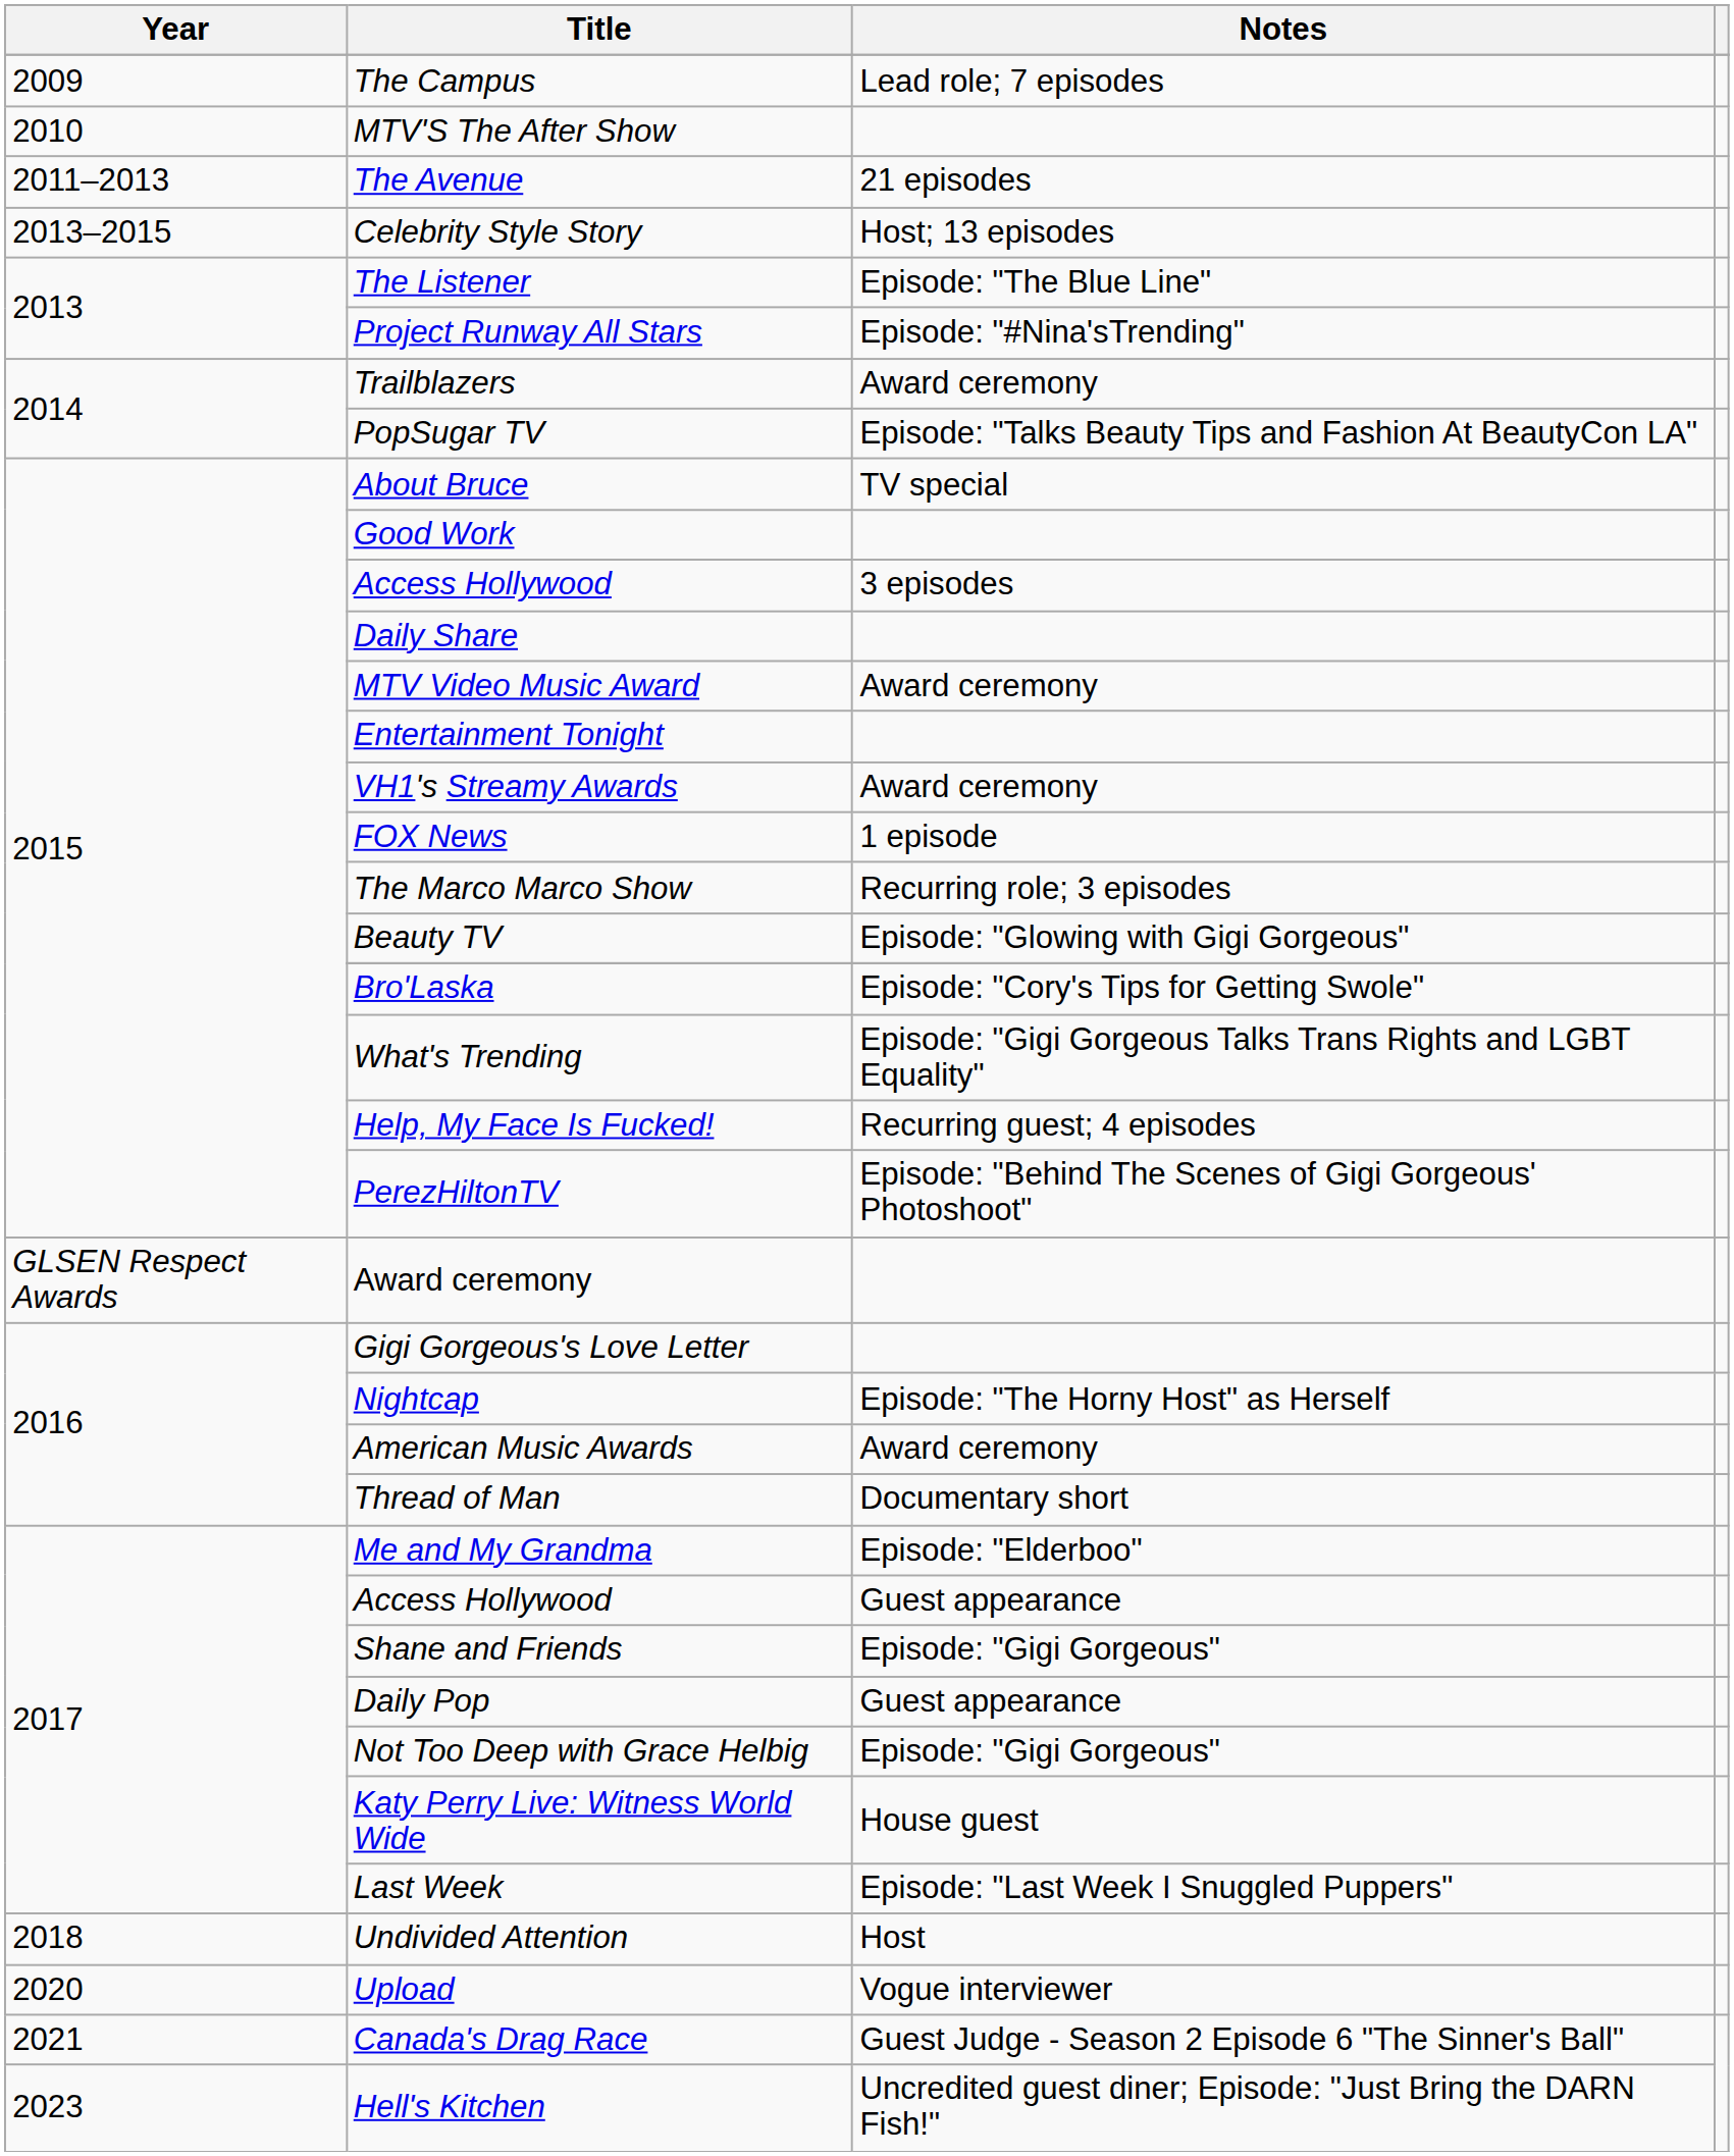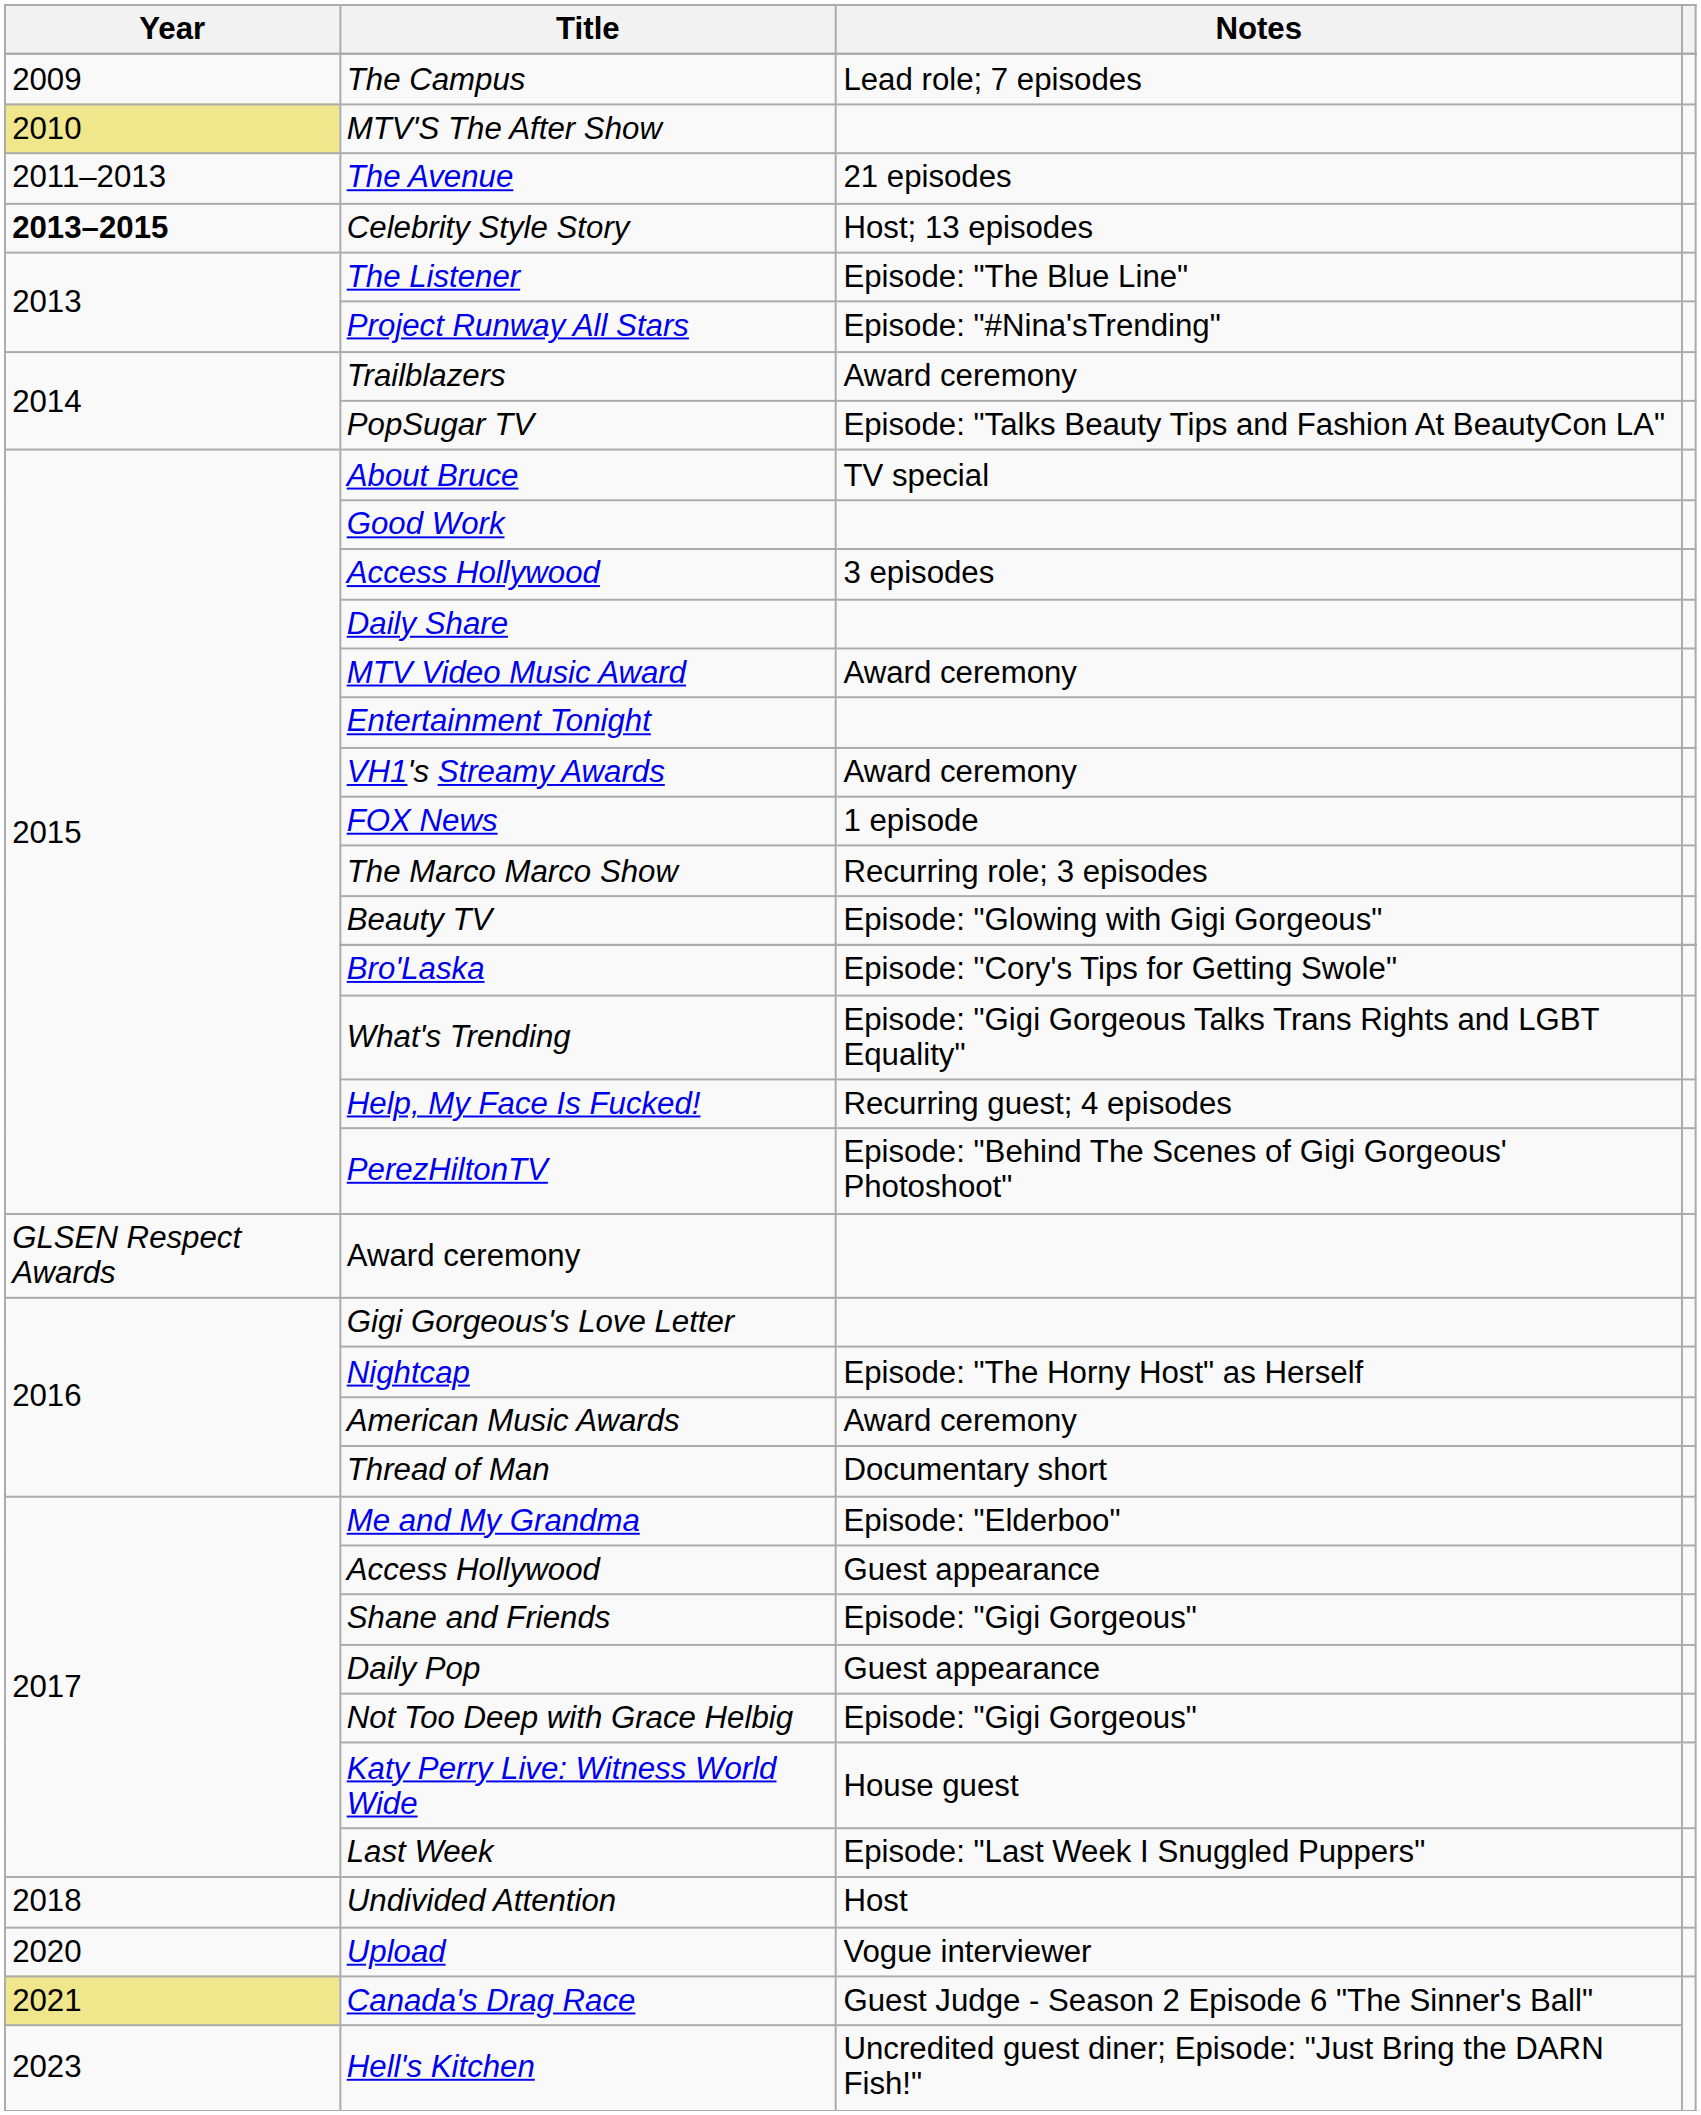 <table class="wikitable sortable">
 <tr>
 <th>Year</th>
 <th>Title</th>
 <th class="unsortable">Notes</th>
 <th class="unsortable"></th>
 </tr>
 <tr>
 </tr>
 <tr>
 <td>2009</td>
 <td><em>The Campus</em></td>
 <td>Lead role; 7 episodes</td>
 <td></td>
 </tr>
 <tr>
-<td>2010</td>
+<td style="background: khaki;">2010</td>
 <td><em>MTV'S The After Show</em></td>
 <td></td>
 <td></td>
 </tr>
 <tr>
 <td>2011–2013</td>
 <td><em><a href='#'>The Avenue</a></em></td>
 <td>21 episodes</td>
 <td></td>
 </tr>
 <tr>
-<td>2013–2015</td>
+<td><strong>2013–2015</strong></td>
 <td><em>Celebrity Style Story</em></td>
 <td>Host; 13 episodes</td>
 <td></td>
 </tr>
 <tr>
 <td rowspan="2">2013</td>
 <td><em><a href='#'>The Listener</a></em></td>
 <td>Episode: "The Blue Line"</td>
 <td></td>
 </tr>
 <tr>
 <td><em><a href='#'>Project Runway All Stars</a></em></td>
 <td>Episode: "#Nina'sTrending"</td>
 <td></td>
 </tr>
 <tr>
 <td rowspan="2">2014</td>
 <td><em>Trailblazers</em></td>
 <td>Award ceremony</td>
 <td></td>
 </tr>
 <tr>
 <td><em>PopSugar TV</em></td>
 <td>Episode: "Talks Beauty Tips and Fashion At BeautyCon LA"</td>
 <td></td>
 </tr>
 <tr>
 <td rowspan="15">2015</td>
 <td><em><a href='#'>About Bruce</a></em></td>
 <td>TV special</td>
 <td></td>
 </tr>
 <tr>
 <td><em><a href='#'>Good Work</a></em></td>
 <td></td>
 <td></td>
 </tr>
 <tr>
 <td><em><a href='#'>Access Hollywood</a></em></td>
 <td>3 episodes</td>
 <td></td>
 </tr>
 <tr>
 <td><em><a href='#'>Daily Share</a></em></td>
 <td></td>
 <td></td>
 </tr>
 <tr>
 <td><em><a href='#'>MTV Video Music Award</a></em></td>
 <td>Award ceremony</td>
 <td></td>
 </tr>
 <tr>
 <td><em><a href='#'>Entertainment Tonight</a></em></td>
 <td></td>
 <td></td>
 </tr>
 <tr>
 <td><em><a href='#'>VH1</a>'s <a href='#'>Streamy Awards</a></em></td>
 <td>Award ceremony</td>
 <td></td>
 </tr>
 <tr>
 <td><em><a href='#'>FOX News</a></em></td>
 <td>1 episode</td>
 <td></td>
 </tr>
 <tr>
 <td><em>The Marco Marco Show</em></td>
 <td>Recurring role; 3 episodes</td>
 <td></td>
 </tr>
 <tr>
 <td><em>Beauty TV</em></td>
 <td>Episode: "Glowing with Gigi Gorgeous"</td>
 <td></td>
 </tr>
 <tr>
 </tr>
 <tr>
 <td><em><a href='#'>Bro'Laska</a></em></td>
 <td>Episode: "Cory's Tips for Getting Swole"</td>
 <td></td>
 </tr>
 <tr>
 <td><em>What's Trending</em></td>
 <td>Episode: "Gigi Gorgeous Talks Trans Rights and LGBT Equality"</td>
 <td></td>
 </tr>
 <tr>
 <td><em><a href='#'>Help, My Face Is Fucked!</a></em></td>
 <td>Recurring guest; 4 episodes</td>
 <td></td>
 </tr>
 <tr>
 <td><em><a href='#'>PerezHiltonTV</a></em></td>
 <td>Episode: "Behind The Scenes of Gigi Gorgeous' Photoshoot"</td>
 <td></td>
 </tr>
 <tr>
 <td><em>GLSEN Respect Awards</em></td>
 <td>Award ceremony</td>
 <td></td>
 </tr>
 <tr>
 <td rowspan="4">2016</td>
 <td><em>Gigi Gorgeous's Love Letter</em></td>
 <td></td>
 <td></td>
 </tr>
 <tr>
 <td><em><a href='#'>Nightcap</a></em></td>
 <td>Episode: "The Horny Host" as Herself</td>
 <td></td>
 </tr>
 <tr>
 <td><em>American Music Awards</em></td>
 <td>Award ceremony</td>
 <td></td>
 </tr>
 <tr>
 <td><em>Thread of Man</em></td>
 <td>Documentary short</td>
 <td></td>
 </tr>
 <tr>
 <td rowspan="7">2017</td>
 <td><em><a href='#'>Me and My Grandma</a></em></td>
 <td>Episode: "Elderboo"</td>
 <td></td>
 </tr>
 <tr>
 <td><em>Access Hollywood</em></td>
 <td>Guest appearance</td>
 <td></td>
 </tr>
 <tr>
 <td><em>Shane and Friends</em></td>
 <td>Episode: "Gigi Gorgeous"</td>
 <td></td>
 </tr>
 <tr>
 <td><em>Daily Pop</em></td>
 <td>Guest appearance</td>
 <td></td>
 </tr>
 <tr>
 <td><em>Not Too Deep with Grace Helbig</em></td>
 <td>Episode: "Gigi Gorgeous"</td>
 <td></td>
 </tr>
 <tr>
 <td><em><a href='#'>Katy Perry Live: Witness World Wide</a></em></td>
 <td>House guest</td>
 <td></td>
 </tr>
 <tr>
 <td><em>Last Week</em></td>
 <td>Episode: "Last Week I Snuggled Puppers"</td>
 <td></td>
 </tr>
 <tr>
 <td>2018</td>
 <td><em>Undivided Attention</em></td>
 <td>Host</td>
 <td></td>
 </tr>
 <tr>
 <td>2020</td>
 <td><em><a href='#'>Upload</a></em></td>
 <td>Vogue interviewer</td>
 <td></td>
 </tr>
 <tr>
-<td>2021</td>
+<td style="background: khaki;">2021</td>
 <td><em><a href='#'>Canada's Drag Race</a></em></td>
 <td>Guest Judge - Season 2 Episode 6 "The Sinner's Ball"</td>
 </tr>
 <tr>
 <td>2023</td>
 <td><em><a href='#'>Hell's Kitchen</a></em></td>
 <td>Uncredited guest diner; Episode: "Just Bring the DARN Fish!"</td>
 </tr>
 </table>
